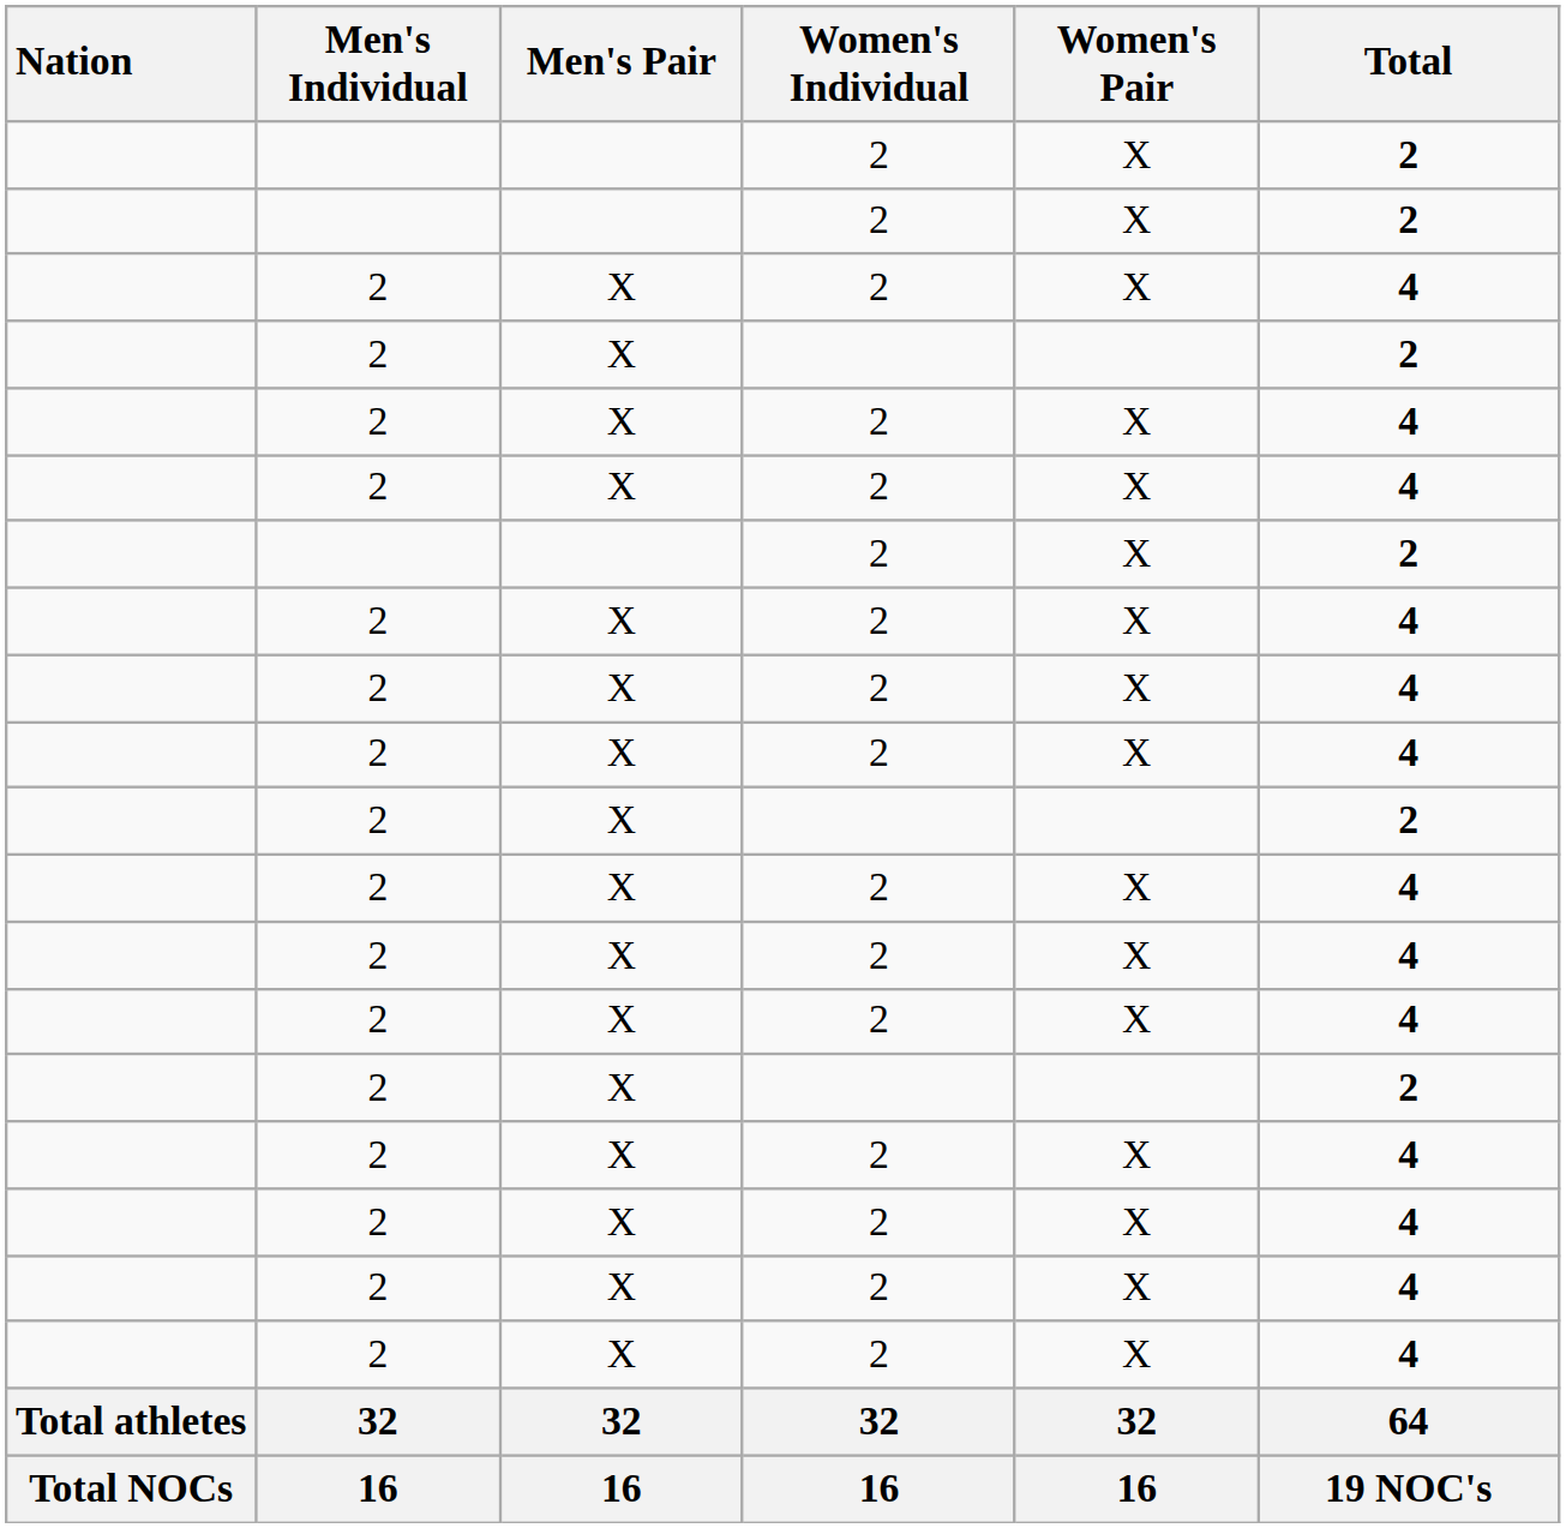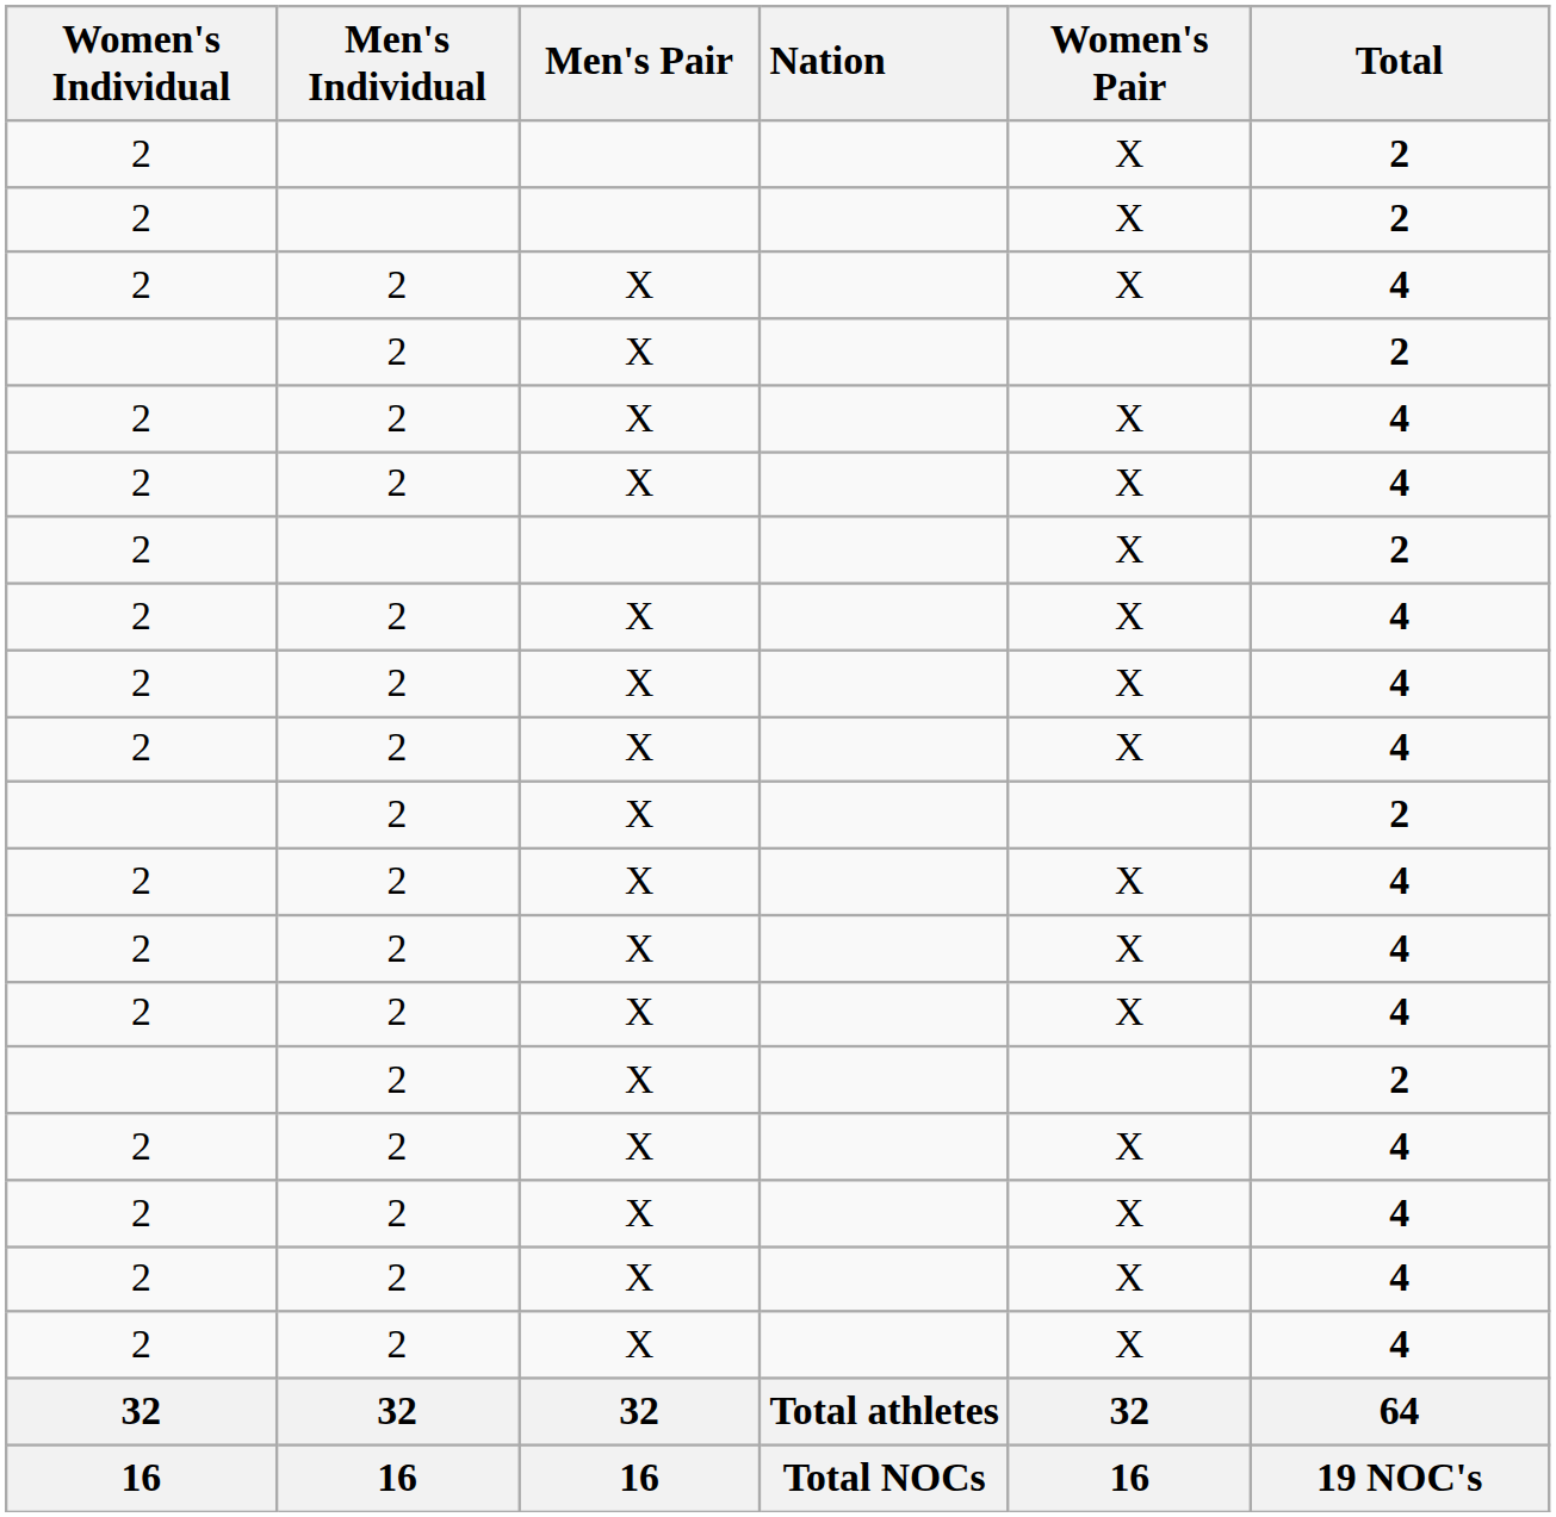 <table class="wikitable mw-collapsible sortable" style="text-align:center; font-size:90%;">
 <tr>
-<th style="text-align:left;">Nation</th>
+<th width=90>Women's Individual</th>
 <th width=80>Men's Individual</th>
 <th width=80>Men's Pair</th>
-<th width=90>Women's Individual</th>
+<th style="text-align:left;">Nation</th>
 <th width=80>Women's Pair</th>
 <th width=100>Total</th>
 </tr>
 <tr>
-<td style="text-align:left;"></td>
+<td>2</td>
 <td></td>
 <td></td>
-<td>2</td>
+<td style="text-align:left;"></td>
 <td>X</td>
 <td><strong>2</strong></td>
 </tr>
 <tr>
-<td style="text-align:left;"></td>
+<td>2</td>
 <td></td>
 <td></td>
-<td>2</td>
+<td style="text-align:left;"></td>
 <td>X</td>
 <td><strong>2</strong></td>
 </tr>
 <tr>
-<td style="text-align:left;"></td>
+<td>2</td>
 <td>2</td>
 <td>X</td>
-<td>2</td>
+<td style="text-align:left;"></td>
 <td>X</td>
 <td><strong>4</strong></td>
 </tr>
 <tr>
-<td style="text-align:left;"></td>
+<td></td>
 <td>2</td>
 <td>X</td>
-<td></td>
+<td style="text-align:left;"></td>
 <td></td>
 <td><strong>2</strong></td>
 </tr>
 <tr>
-<td style="text-align:left;"></td>
+<td>2</td>
 <td>2</td>
 <td>X</td>
-<td>2</td>
+<td style="text-align:left;"></td>
 <td>X</td>
 <td><strong>4</strong></td>
 </tr>
 <tr>
-<td style="text-align:left;"></td>
+<td>2</td>
 <td>2</td>
 <td>X</td>
-<td>2</td>
+<td style="text-align:left;"></td>
 <td>X</td>
 <td><strong>4</strong></td>
 </tr>
 <tr>
-<td style="text-align:left;"></td>
+<td>2</td>
 <td></td>
 <td></td>
-<td>2</td>
+<td style="text-align:left;"></td>
 <td>X</td>
 <td><strong>2</strong></td>
 </tr>
 <tr>
-<td style="text-align:left;"></td>
+<td>2</td>
 <td>2</td>
 <td>X</td>
-<td>2</td>
+<td style="text-align:left;"></td>
 <td>X</td>
 <td><strong>4</strong></td>
 </tr>
 <tr>
-<td style="text-align:left;"></td>
+<td>2</td>
 <td>2</td>
 <td>X</td>
-<td>2</td>
+<td style="text-align:left;"></td>
 <td>X</td>
 <td><strong>4</strong></td>
 </tr>
 <tr>
-<td style="text-align:left;"></td>
+<td>2</td>
 <td>2</td>
 <td>X</td>
-<td>2</td>
+<td style="text-align:left;"></td>
 <td>X</td>
 <td><strong>4</strong></td>
 </tr>
 <tr>
-<td style="text-align:left;"></td>
+<td></td>
 <td>2</td>
 <td>X</td>
-<td></td>
+<td style="text-align:left;"></td>
 <td></td>
 <td><strong>2</strong></td>
 </tr>
 <tr>
-<td style="text-align:left;"></td>
+<td>2</td>
 <td>2</td>
 <td>X</td>
-<td>2</td>
+<td style="text-align:left;"></td>
 <td>X</td>
 <td><strong>4</strong></td>
 </tr>
 <tr>
-<td style="text-align:left;"></td>
+<td>2</td>
 <td>2</td>
 <td>X</td>
-<td>2</td>
+<td style="text-align:left;"></td>
 <td>X</td>
 <td><strong>4</strong></td>
 </tr>
 <tr>
-<td style="text-align:left;"></td>
+<td>2</td>
 <td>2</td>
 <td>X</td>
-<td>2</td>
+<td style="text-align:left;"></td>
 <td>X</td>
 <td><strong>4</strong></td>
 </tr>
 <tr>
-<td style="text-align:left;"></td>
+<td></td>
 <td>2</td>
 <td>X</td>
-<td></td>
+<td style="text-align:left;"></td>
 <td></td>
 <td><strong>2</strong></td>
 </tr>
 <tr>
-<td style="text-align:left;"></td>
+<td>2</td>
 <td>2</td>
 <td>X</td>
-<td>2</td>
+<td style="text-align:left;"></td>
 <td>X</td>
 <td><strong>4</strong></td>
 </tr>
 <tr>
-<td style="text-align:left;"></td>
+<td>2</td>
 <td>2</td>
 <td>X</td>
-<td>2</td>
+<td style="text-align:left;"></td>
 <td>X</td>
 <td><strong>4</strong></td>
 </tr>
 <tr>
-<td style="text-align:left;"></td>
+<td>2</td>
 <td>2</td>
 <td>X</td>
-<td>2</td>
+<td style="text-align:left;"></td>
 <td>X</td>
 <td><strong>4</strong></td>
 </tr>
 <tr>
-<td style="text-align:left;"></td>
+<td>2</td>
 <td>2</td>
 <td>X</td>
-<td>2</td>
+<td style="text-align:left;"></td>
 <td>X</td>
 <td><strong>4</strong></td>
 </tr>
 <tr class="sortbottom">
-<th>Total athletes</th>
 <th>32</th>
 <th>32</th>
 <th>32</th>
+<th>Total athletes</th>
 <th>32</th>
 <th>64</th>
 </tr>
 <tr class="sortbottom">
-<th>Total NOCs</th>
 <th>16</th>
 <th>16</th>
 <th>16</th>
+<th>Total NOCs</th>
 <th>16</th>
 <th>19 NOC's</th>
 </tr>
 </table>
